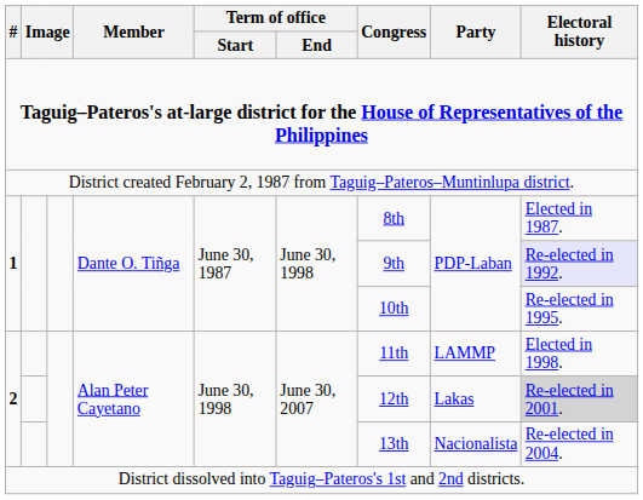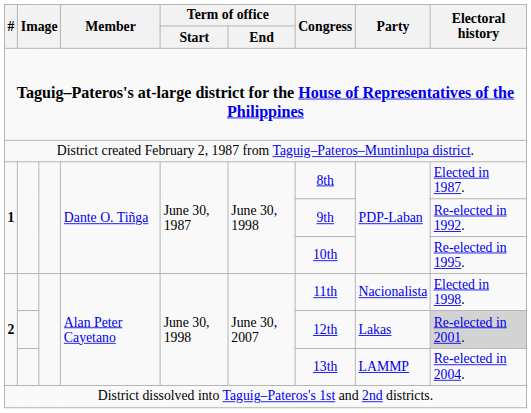 <table class=wikitable>
 <tr>
 <th rowspan="2">#</th>
 <th rowspan="2" colspan=2>Image</th>
 <th rowspan="2">Member</th>
 <th colspan=2>Term of office</th>
 <th rowspan="2">Congress</th>
 <th rowspan="2">Party</th>
 <th rowspan="2">Electoral history</th>
 </tr>
 <tr>
 <th>Start</th>
 <th>End</th>
 </tr>
 <tr>
 <td colspan="9" style="text-align:center;"><br><h3>Taguig–Pateros's at-large district for the <a href='#'>House of Representatives of the Philippines</a></h3></td>
 </tr>
 <tr>
 <td colspan="9" style="text-align:center;">District created February 2, 1987 from <a href='#'>Taguig–Pateros–Muntinlupa district</a>.</td>
 </tr>
 <tr>
 <td rowspan="3" style="text-align:center;"><strong>1</strong></td>
 <td rowspan="3" style="color:inherit;background:"></td>
 <td rowspan="3"></td>
 <td rowspan="3"><a href='#'>Dante O. Tiñga</a></td>
 <td rowspan="3">June 30, 1987</td>
 <td rowspan="3">June 30, 1998</td>
 <td style="text-align:center;"><a href='#'>8th</a></td>
 <td rowspan="3"><a href='#'>PDP-Laban</a></td>
 <td><a href='#'>Elected in 1987</a>.</td>
 </tr>
 <tr>
 <td style="text-align:center;"><a href='#'>9th</a></td>
-<td style="background: lavender;"><a href='#'>Re-elected in 1992</a>.</td>
+<td><a href='#'>Re-elected in 1992</a>.</td>
 </tr>
 <tr>
 <td style="text-align:center;"><a href='#'>10th</a></td>
 <td><a href='#'>Re-elected in 1995</a>.</td>
 </tr>
 <tr>
 <td rowspan="3" style="text-align:center;"><strong>2</strong></td>
 <td style="color:inherit;background:"></td>
 <td rowspan=3></td>
 <td rowspan=3><a href='#'>Alan Peter Cayetano</a></td>
 <td rowspan=3>June 30, 1998</td>
 <td rowspan=3>June 30, 2007</td>
 <td style="text-align:center;"><a href='#'>11th</a></td>
-<td><a href='#'>LAMMP</a></td>
+<td><a href='#'>Nacionalista</a></td>
 <td><a href='#'>Elected in 1998</a>.</td>
 </tr>
 <tr>
 <td style="color:inherit;background:"></td>
 <td style="text-align:center;"><a href='#'>12th</a></td>
 <td><a href='#'>Lakas</a></td>
 <td style="background: lightgrey;"><a href='#'>Re-elected in 2001</a>.</td>
 </tr>
 <tr>
 <td style="color:inherit;background:"></td>
 <td style="text-align:center;"><a href='#'>13th</a></td>
-<td><a href='#'>Nacionalista</a></td>
+<td><a href='#'>LAMMP</a></td>
 <td><a href='#'>Re-elected in 2004</a>.</td>
 </tr>
 <tr>
 <td colspan="9" style="text-align:center;">District dissolved into <a href='#'>Taguig–Pateros's 1st</a> and <a href='#'>2nd</a> districts.</td>
 </tr>
 </table>
